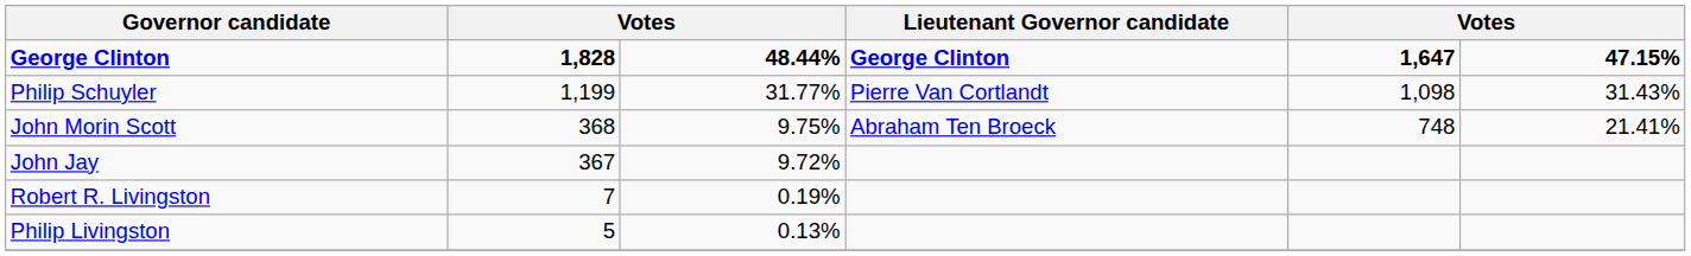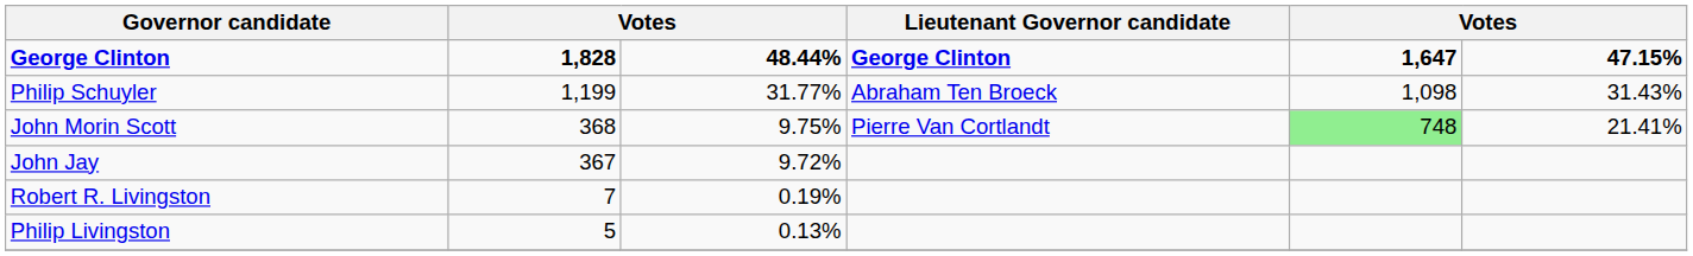 <table class=wikitable>
 <tr bgcolor=lightgrey>
 <th width="20%">Governor candidate</th>
 <th width="18%" colspan="2">Votes</th>
 <th width="20%">Lieutenant Governor candidate</th>
 <th width="18%" colspan="2">Votes</th>
 </tr>
 <tr>
 <td><strong><a href='#'>George Clinton</a></strong></td>
 <td align="right"><strong>1,828</strong></td>
 <td align="right"><strong>48.44%</strong></td>
 <td><strong><a href='#'>George Clinton</a></strong></td>
 <td align="right"><strong>1,647</strong></td>
 <td align="right"><strong>47.15%</strong></td>
 </tr>
 <tr>
 <td><a href='#'>Philip Schuyler</a></td>
 <td align="right">1,199</td>
 <td align="right">31.77%</td>
-<td><a href='#'>Pierre Van Cortlandt</a></td>
+<td><a href='#'>Abraham Ten Broeck</a></td>
 <td align="right">1,098</td>
 <td align="right">31.43%</td>
 </tr>
 <tr>
 <td><a href='#'>John Morin Scott</a></td>
 <td align="right">368</td>
 <td align="right">9.75%</td>
-<td><a href='#'>Abraham Ten Broeck</a></td>
-<td align="right">748</td>
+<td><a href='#'>Pierre Van Cortlandt</a></td>
+<td align="right" style="background: lightgreen;">748</td>
 <td align="right">21.41%</td>
 </tr>
 <tr>
 <td><a href='#'>John Jay</a></td>
 <td align="right">367</td>
 <td align="right">9.72%</td>
 <td></td>
 <td></td>
 <td></td>
 </tr>
 <tr>
 <td><a href='#'>Robert R. Livingston</a></td>
 <td align="right">7</td>
 <td align="right">0.19%</td>
 <td></td>
 <td></td>
 <td></td>
 </tr>
 <tr>
 <td><a href='#'>Philip Livingston</a></td>
 <td align="right">5</td>
 <td align="right">0.13%</td>
 <td></td>
 <td></td>
 <td></td>
 </tr>
 <tr>
 </tr>
 </table>
